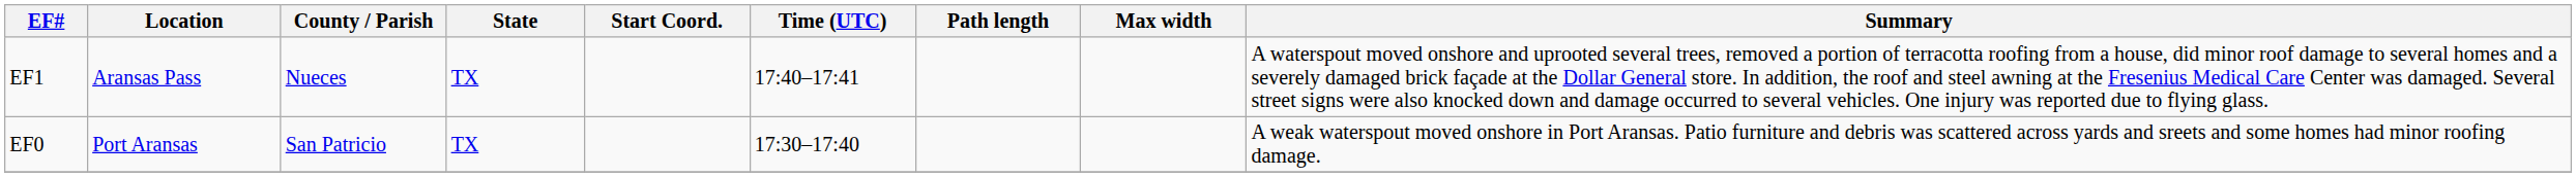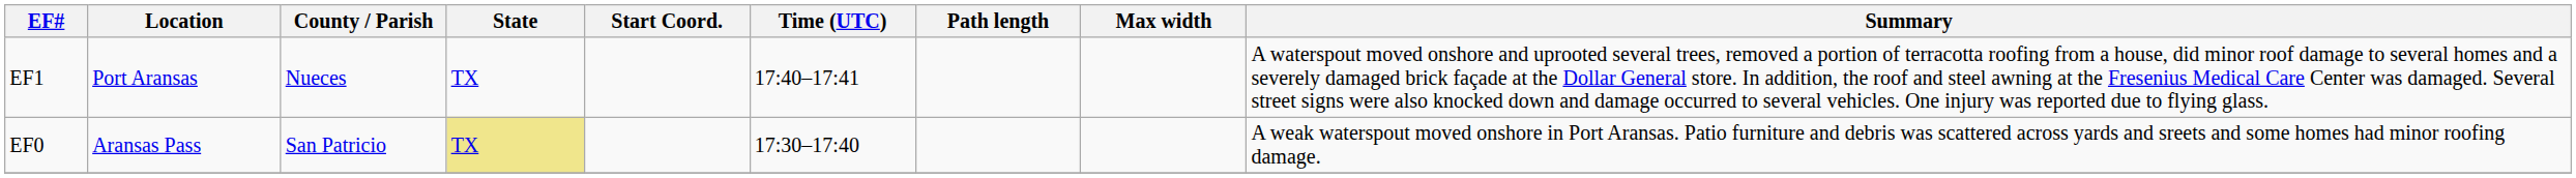 <table class="wikitable sortable" style="width:100%;">
 <tr>
 <th scope="col"  style="width:3%; text-align:center;"><a href='#'>EF#</a></th>
 <th scope="col"  style="width:7%; text-align:center;" class="unsortable">Location</th>
 <th scope="col"  style="width:6%; text-align:center;" class="unsortable">County / Parish</th>
 <th scope="col"  style="width:5%; text-align:center;">State</th>
 <th scope="col"  style="width:6%; text-align:center;">Start Coord.</th>
 <th scope="col"  style="width:6%; text-align:center;">Time (<a href='#'>UTC</a>)</th>
 <th scope="col"  style="width:6%; text-align:center;">Path length</th>
 <th scope="col"  style="width:6%; text-align:center;">Max width</th>
 <th scope="col" class="unsortable" style="width:48%; text-align:center;">Summary</th>
 </tr>
 <tr>
 <td>EF1</td>
-<td><a href='#'>Aransas Pass</a></td>
+<td><a href='#'>Port Aransas</a></td>
 <td><a href='#'>Nueces</a></td>
 <td><a href='#'>TX</a></td>
 <td></td>
 <td>17:40–17:41</td>
 <td></td>
 <td></td>
 <td>A waterspout moved onshore and uprooted several trees, removed a portion of terracotta roofing from a house, did minor roof damage to several homes and a severely damaged brick façade at the <a href='#'>Dollar General</a> store. In addition, the roof and steel awning at the <a href='#'>Fresenius Medical Care</a> Center was damaged. Several street signs were also knocked down and damage occurred to several vehicles. One injury was reported due to flying glass.</td>
 </tr>
 <tr>
 <td>EF0</td>
-<td><a href='#'>Port Aransas</a></td>
+<td><a href='#'>Aransas Pass</a></td>
 <td><a href='#'>San Patricio</a></td>
-<td><a href='#'>TX</a></td>
+<td style="background: khaki;"><a href='#'>TX</a></td>
 <td></td>
 <td>17:30–17:40</td>
 <td></td>
 <td></td>
 <td>A weak waterspout moved onshore in Port Aransas. Patio furniture and debris was scattered across yards and sreets and some homes had minor roofing damage.</td>
 </tr>
 <tr>
 </tr>
 </table>
